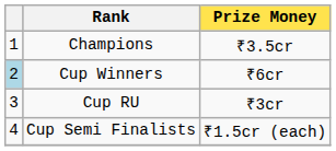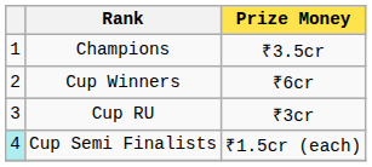 <table class="wikitable sortable mw-collapsible mw-collapsed floatright" style="text-align:center; font-size:75%">
 <tr>
 <th></th>
 <th>Rank</th>
 <th colspan="2" style="background:#FFE34D;"><strong>Prize Money</strong></th>
 </tr>
 <tr>
 <td>1</td>
 <td>Champions</td>
 <td colspan="2" style="text-align:center">₹3.5cr</td>
 </tr>
 <tr>
-<td style="background: lightblue;">2</td>
+<td>2</td>
 <td>Cup Winners</td>
 <td colspan="2" style="text-align:center">₹6cr</td>
 </tr>
 <tr>
 <td>3</td>
 <td>Cup RU</td>
 <td colspan="2" style="text-align:center">₹3cr</td>
 </tr>
 <tr>
-<td>4</td>
+<td style="background: paleturquoise;">4</td>
 <td>Cup Semi Finalists</td>
 <td colspan="2" style="text-align:center">₹1.5cr (each)</td>
 </tr>
 <tr>
 </tr>
 </table>
